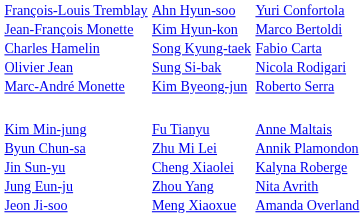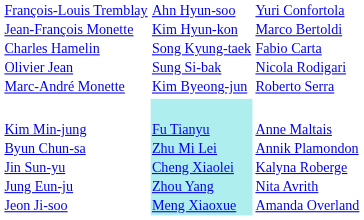 <table>
 <tr>
 <th scope=row style="text-align:left"></th>
 <td valign="top"><strong></strong><br><small><a href='#'>François-Louis Tremblay</a><br><a href='#'>Jean-François Monette</a><br><a href='#'>Charles Hamelin</a><br><a href='#'>Olivier Jean</a><br><a href='#'>Marc-André Monette</a></small></td>
 <td valign="top"><strong></strong><br><small><a href='#'>Ahn Hyun-soo</a><br><a href='#'>Kim Hyun-kon</a><br><a href='#'>Song Kyung-taek</a><br><a href='#'>Sung Si-bak</a><br><a href='#'>Kim Byeong-jun</a></small></td>
 <td valign="top"><strong></strong><br><small><a href='#'>Yuri Confortola</a><br><a href='#'>Marco Bertoldi</a><br><a href='#'>Fabio Carta</a><br><a href='#'>Nicola Rodigari</a><br><a href='#'>Roberto Serra</a></small></td>
 </tr>
 <tr>
 <th scope=row style="text-align:left"></th>
 <td valign="top"><strong></strong><br><small><a href='#'>Kim Min-jung</a><br><a href='#'>Byun Chun-sa</a><br><a href='#'>Jin Sun-yu</a><br><a href='#'>Jung Eun-ju</a><br><a href='#'>Jeon Ji-soo</a></small></td>
-<td valign="top"><strong></strong><br><small><a href='#'>Fu Tianyu</a><br><a href='#'>Zhu Mi Lei</a><br><a href='#'>Cheng Xiaolei</a><br><a href='#'>Zhou Yang</a><br><a href='#'>Meng Xiaoxue</a></small></td>
+<td valign="top" style="background: paleturquoise;"><strong></strong><br><small><a href='#'>Fu Tianyu</a><br><a href='#'>Zhu Mi Lei</a><br><a href='#'>Cheng Xiaolei</a><br><a href='#'>Zhou Yang</a><br><a href='#'>Meng Xiaoxue</a></small></td>
 <td valign="top"><strong></strong><br><small><a href='#'>Anne Maltais</a><br><a href='#'>Annik Plamondon</a><br><a href='#'>Kalyna Roberge</a><br><a href='#'>Nita Avrith</a><br><a href='#'>Amanda Overland</a></small></td>
 </tr>
 </table>
